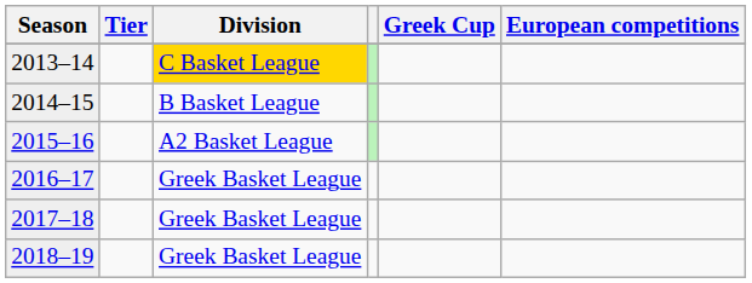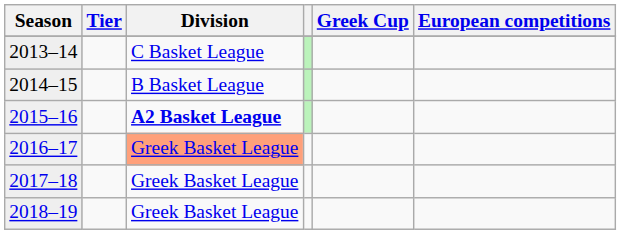 <table class="wikitable" style="font-size:85%; text-align:center">
 <tr>
 <th>Season</th>
 <th><a href='#'>Tier</a></th>
 <th>Division</th>
 <th></th>
 <th><a href='#'>Greek Cup</a></th>
 <th colspan=2><a href='#'>European competitions</a></th>
 </tr>
 <tr>
 </tr>
 <tr>
 <td bgcolor=#efefef>2013–14</td>
 <td></td>
-<td align=left style="background: gold;"><a href='#'>C Basket League</a></td>
+<td align=left><a href='#'>C Basket League</a></td>
 <td bgcolor=#BBF3BB></td>
 <td></td>
 <td colspan=2></td>
 </tr>
 <tr>
 <td bgcolor=#efefef>2014–15</td>
 <td></td>
 <td align=left><a href='#'>B Basket League</a></td>
 <td bgcolor=#BBF3BB></td>
 <td></td>
 <td colspan=2></td>
 </tr>
 <tr>
 <td bgcolor=#efefef><a href='#'>2015–16</a></td>
 <td></td>
-<td align=left><a href='#'>A2 Basket League</a></td>
+<td align=left><strong><a href='#'>A2 Basket League</a></strong></td>
 <td bgcolor=#BBF3BB></td>
 <td></td>
 <td colspan=2></td>
 </tr>
 <tr>
 <td bgcolor=#efefef><a href='#'>2016–17</a></td>
 <td></td>
-<td align=left><a href='#'>Greek Basket League</a></td>
+<td align=left style="background: lightsalmon;"><a href='#'>Greek Basket League</a></td>
 <td bgcolor=></td>
 <td></td>
 <td colspan=2></td>
 </tr>
 <tr>
 <td bgcolor=#efefef><a href='#'>2017–18</a></td>
 <td></td>
 <td align=left><a href='#'>Greek Basket League</a></td>
 <td bgcolor=></td>
 <td></td>
 <td colspan=2></td>
 </tr>
 <tr>
 <td bgcolor=#efefef><a href='#'>2018–19</a></td>
 <td></td>
 <td align=left><a href='#'>Greek Basket League</a></td>
 <td bgcolor=></td>
 <td></td>
 <td colspan=2></td>
 </tr>
 </table>
